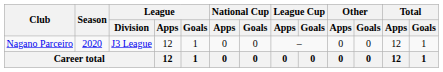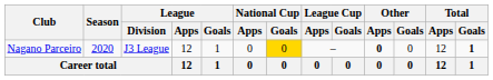 <table class="wikitable" style="text-align: center">
 <tr>
 <th rowspan="2">Club</th>
 <th rowspan="2">Season</th>
 <th colspan="3">League</th>
 <th colspan="2">National Cup</th>
 <th colspan="2">League Cup</th>
 <th colspan="2">Other</th>
 <th colspan="2">Total</th>
 </tr>
 <tr>
 <th>Division</th>
 <th>Apps</th>
 <th>Goals</th>
 <th>Apps</th>
 <th>Goals</th>
 <th>Apps</th>
 <th>Goals</th>
 <th>Apps</th>
 <th>Goals</th>
 <th>Apps</th>
 <th>Goals</th>
 </tr>
 <tr>
 <td><a href='#'>Nagano Parceiro</a></td>
 <td><a href='#'>2020</a></td>
 <td><a href='#'>J3 League</a></td>
 <td>12</td>
 <td>1</td>
 <td>0</td>
-<td>0</td>
+<td style="background: gold;">0</td>
 <td colspan="2">–</td>
-<td>0</td>
+<td><strong>0</strong></td>
 <td>0</td>
 <td>12</td>
-<td>1</td>
+<td><strong>1</strong></td>
 </tr>
 <tr>
 <th colspan=3>Career total</th>
 <th>12</th>
 <th>1</th>
 <th>0</th>
 <th>0</th>
 <th>0</th>
 <th>0</th>
 <th>0</th>
 <th>0</th>
 <th>12</th>
 <th>1</th>
 </tr>
 </table>
